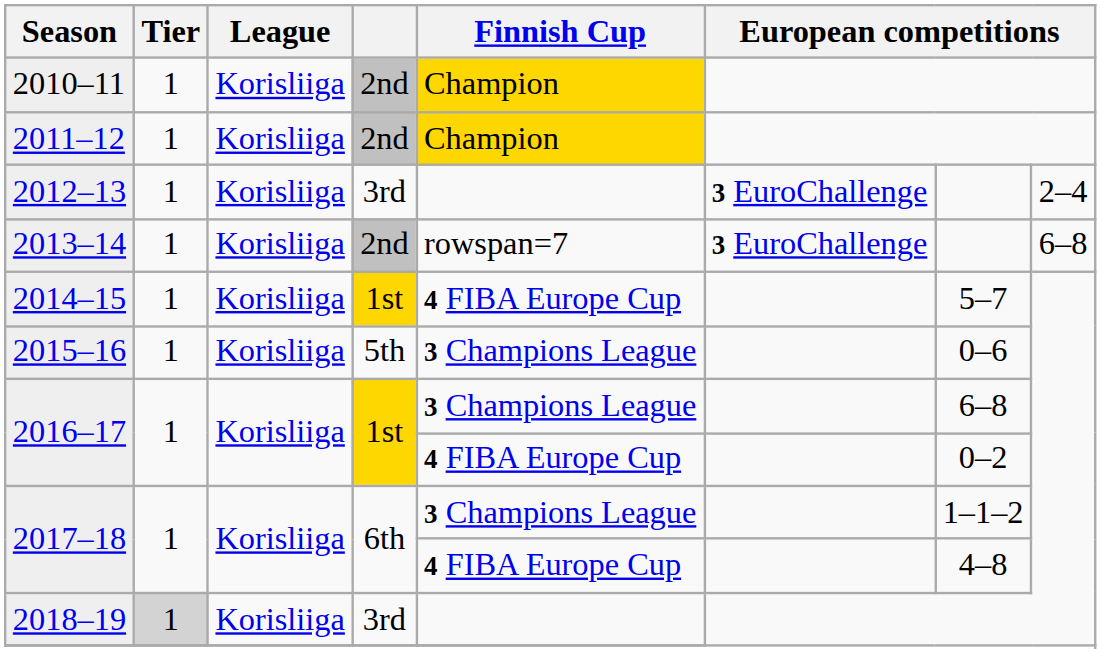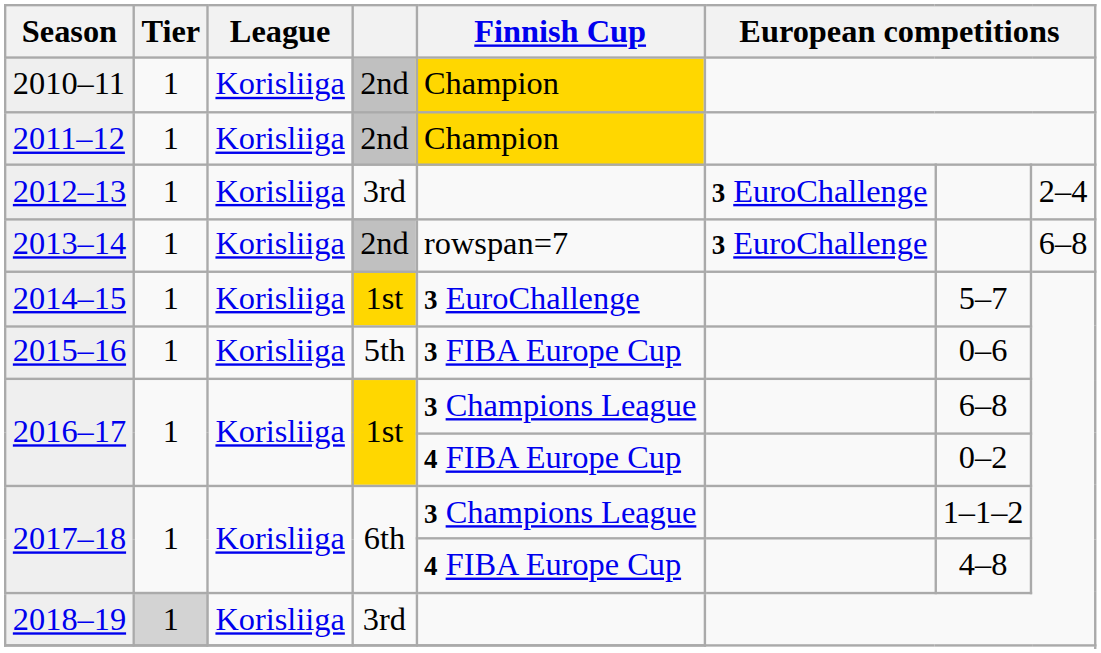 <table class="wikitable" style="font-size:85%;">
 <tr bgcolor=>
 <th>Season</th>
 <th>Tier</th>
 <th>League</th>
 <th></th>
 <th><a href='#'>Finnish Cup</a></th>
 <th colspan=3>European competitions</th>
 </tr>
 <tr>
 <td style="background:#efefef;">2010–11</td>
 <td align=center>1</td>
 <td><a href='#'>Korisliiga</a></td>
 <td align=center style="background:silver">2nd</td>
 <td style="background:gold;">Champion</td>
 <td colspan=3></td>
 </tr>
 <tr>
 <td style="background:#efefef;"><a href='#'>2011–12</a></td>
 <td align=center>1</td>
 <td><a href='#'>Korisliiga</a></td>
 <td style="background:silver;" align=center>2nd</td>
 <td style="background:gold;">Champion</td>
 <td colspan=3></td>
 </tr>
 <tr>
 <td style="background:#efefef;"><a href='#'>2012–13</a></td>
 <td align=center>1</td>
 <td><a href='#'>Korisliiga</a></td>
 <td align=center>3rd</td>
 <td style="background: ;"></td>
 <td><small><strong>3</strong></small> <a href='#'>EuroChallenge</a></td>
 <td align=center></td>
 <td align=center>2–4</td>
 </tr>
 <tr>
 <td style="background:#efefef;"><a href='#'>2013–14</a></td>
 <td align=center>1</td>
 <td><a href='#'>Korisliiga</a></td>
 <td style="background:silver" align=center>2nd</td>
 <td>rowspan=7 </td>
 <td><small><strong>3</strong></small> <a href='#'>EuroChallenge</a></td>
 <td align=center></td>
 <td align=center>6–8</td>
 </tr>
 <tr>
 <td style="background:#efefef;"><a href='#'>2014–15</a></td>
 <td align=center>1</td>
 <td><a href='#'>Korisliiga</a></td>
 <td style="background:gold" align=center>1st</td>
-<td><small><strong>4</strong></small> <a href='#'>FIBA Europe Cup</a></td>
+<td><small><strong>3</strong></small> <a href='#'>EuroChallenge</a></td>
 <td align=center></td>
 <td align=center>5–7</td>
 </tr>
 <tr>
 <td style="background:#efefef;"><a href='#'>2015–16</a></td>
 <td align=center>1</td>
 <td><a href='#'>Korisliiga</a></td>
 <td align=center>5th</td>
-<td><small><strong>3</strong></small> <a href='#'>Champions League</a></td>
+<td><small><strong>3</strong></small> <a href='#'>FIBA Europe Cup</a></td>
 <td align=center></td>
 <td align=center>0–6</td>
 </tr>
 <tr>
 <td rowspan=2  style="background:#efefef;"><a href='#'>2016–17</a></td>
 <td rowspan=2  align=center>1</td>
 <td rowspan=2><a href='#'>Korisliiga</a></td>
 <td rowspan=2 style="background:gold" align=center>1st</td>
 <td><small><strong>3</strong></small> <a href='#'>Champions League</a></td>
 <td align=center></td>
 <td align=center>6–8</td>
 </tr>
 <tr>
 <td><small><strong>4</strong></small> <a href='#'>FIBA Europe Cup</a></td>
 <td align=center></td>
 <td align=center>0–2</td>
 </tr>
 <tr>
 <td rowspan=2  style="background:#efefef;"><a href='#'>2017–18</a></td>
 <td rowspan=2  align=center>1</td>
 <td rowspan=2><a href='#'>Korisliiga</a></td>
 <td rowspan=2 align=center>6th</td>
 <td><small><strong>3</strong></small> <a href='#'>Champions League</a></td>
 <td align=center></td>
 <td align=center>1–1–2</td>
 </tr>
 <tr>
 <td><small><strong>4</strong></small> <a href='#'>FIBA Europe Cup</a></td>
 <td align=center></td>
 <td align=center>4–8</td>
 </tr>
 <tr>
 <td style="background:#efefef;"><a href='#'>2018–19</a></td>
 <td align=center style="background: lightgrey;">1</td>
 <td><a href='#'>Korisliiga</a></td>
 <td align=center>3rd</td>
 <td></td>
 </tr>
 <tr>
 </tr>
 </table>
